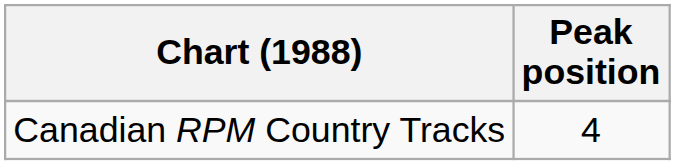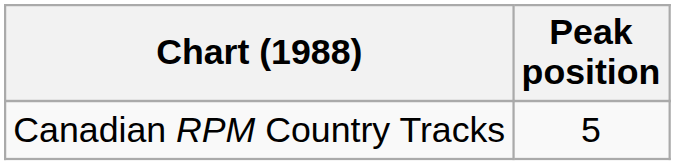 <table class="wikitable sortable">
 <tr>
 <th align="left">Chart (1988)</th>
 <th align="center'">Peak<br>position</th>
 </tr>
 <tr>
 </tr>
 <tr>
 <td align="left">Canadian <em>RPM</em> Country Tracks</td>
-<td align="center">4</td>
+<td align="center">5</td>
 </tr>
 </table>
